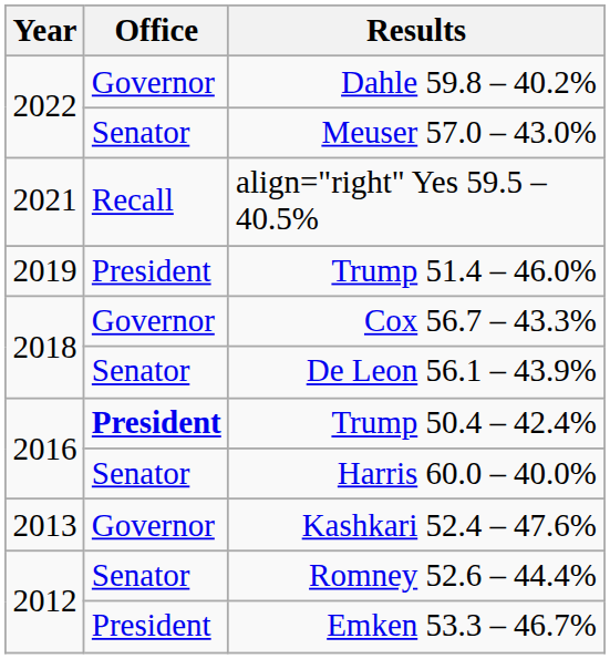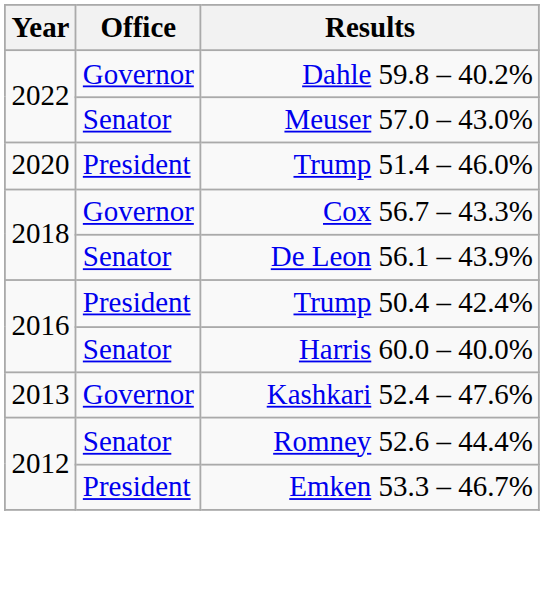 <table class=wikitable>
 <tr>
 <th width="30">Year</th>
 <th width="60">Office</th>
 <th width="180">Results</th>
 </tr>
 <tr>
 <td rowspan="2">2022</td>
 <td><a href='#'>Governor</a></td>
 <td align="right" ><a href='#'>Dahle</a> 59.8 – 40.2%</td>
 </tr>
 <tr>
 <td><a href='#'>Senator</a></td>
 <td align="right" ><a href='#'>Meuser</a> 57.0 – 43.0%</td>
 </tr>
 <tr>
-<td>2021</td>
-<td><a href='#'>Recall</a></td>
-<td>align="right"  Yes 59.5 – 40.5%</td>
-</tr>
-<tr>
-<td rowspan="1">2019</td>
+<td rowspan="1">2020</td>
 <td><a href='#'>President</a></td>
 <td align="right" ><a href='#'>Trump</a> 51.4 – 46.0%</td>
 </tr>
 <tr>
 <td rowspan="2">2018</td>
 <td><a href='#'>Governor</a></td>
 <td align="right" ><a href='#'>Cox</a> 56.7 – 43.3%</td>
 </tr>
 <tr>
 <td><a href='#'>Senator</a></td>
 <td align="right" ><a href='#'>De Leon</a> 56.1 – 43.9%</td>
 </tr>
 <tr>
 <td rowspan="2">2016</td>
-<td><strong><a href='#'>President</a></strong></td>
+<td><a href='#'>President</a></td>
 <td align="right" ><a href='#'>Trump</a> 50.4 – 42.4%</td>
 </tr>
 <tr>
 <td><a href='#'>Senator</a></td>
 <td align="right" ><a href='#'>Harris</a> 60.0 – 40.0%</td>
 </tr>
 <tr>
 <td>2013</td>
 <td><a href='#'>Governor</a></td>
 <td align="right" ><a href='#'>Kashkari</a> 52.4 – 47.6%</td>
 </tr>
 <tr>
 <td rowspan="2">2012</td>
 <td><a href='#'>Senator</a></td>
 <td align="right" ><a href='#'>Romney</a> 52.6 – 44.4%</td>
 </tr>
 <tr>
 <td><a href='#'>President</a></td>
 <td align="right" ><a href='#'>Emken</a> 53.3 – 46.7%</td>
 </tr>
 </table>
